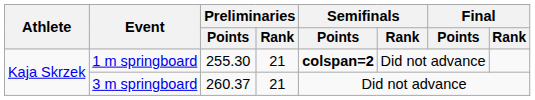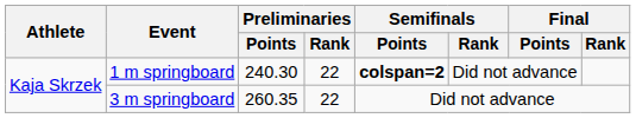 <table class=wikitable style="font-size:90%;">
 <tr>
 <th rowspan="2">Athlete</th>
 <th rowspan="2">Event</th>
 <th colspan="2">Preliminaries</th>
 <th colspan="2">Semifinals</th>
 <th colspan="2">Final</th>
 </tr>
 <tr style="font-size:95%">
 <th>Points</th>
 <th>Rank</th>
 <th>Points</th>
 <th>Rank</th>
 <th>Points</th>
 <th>Rank</th>
 </tr>
 <tr align=center>
 <td align=left rowspan=2><a href='#'>Kaja Skrzek</a></td>
 <td align=left><a href='#'>1 m springboard</a></td>
-<td>255.30</td>
-<td>21</td>
+<td>240.30</td>
+<td>22</td>
 <td><strong>colspan=2 </strong></td>
 <td colspan=2>Did not advance</td>
 </tr>
 <tr align=center>
 <td align=left><a href='#'>3 m springboard</a></td>
-<td>260.37</td>
-<td>21</td>
+<td>260.35</td>
+<td>22</td>
 <td colspan=4>Did not advance</td>
 </tr>
 </table>
